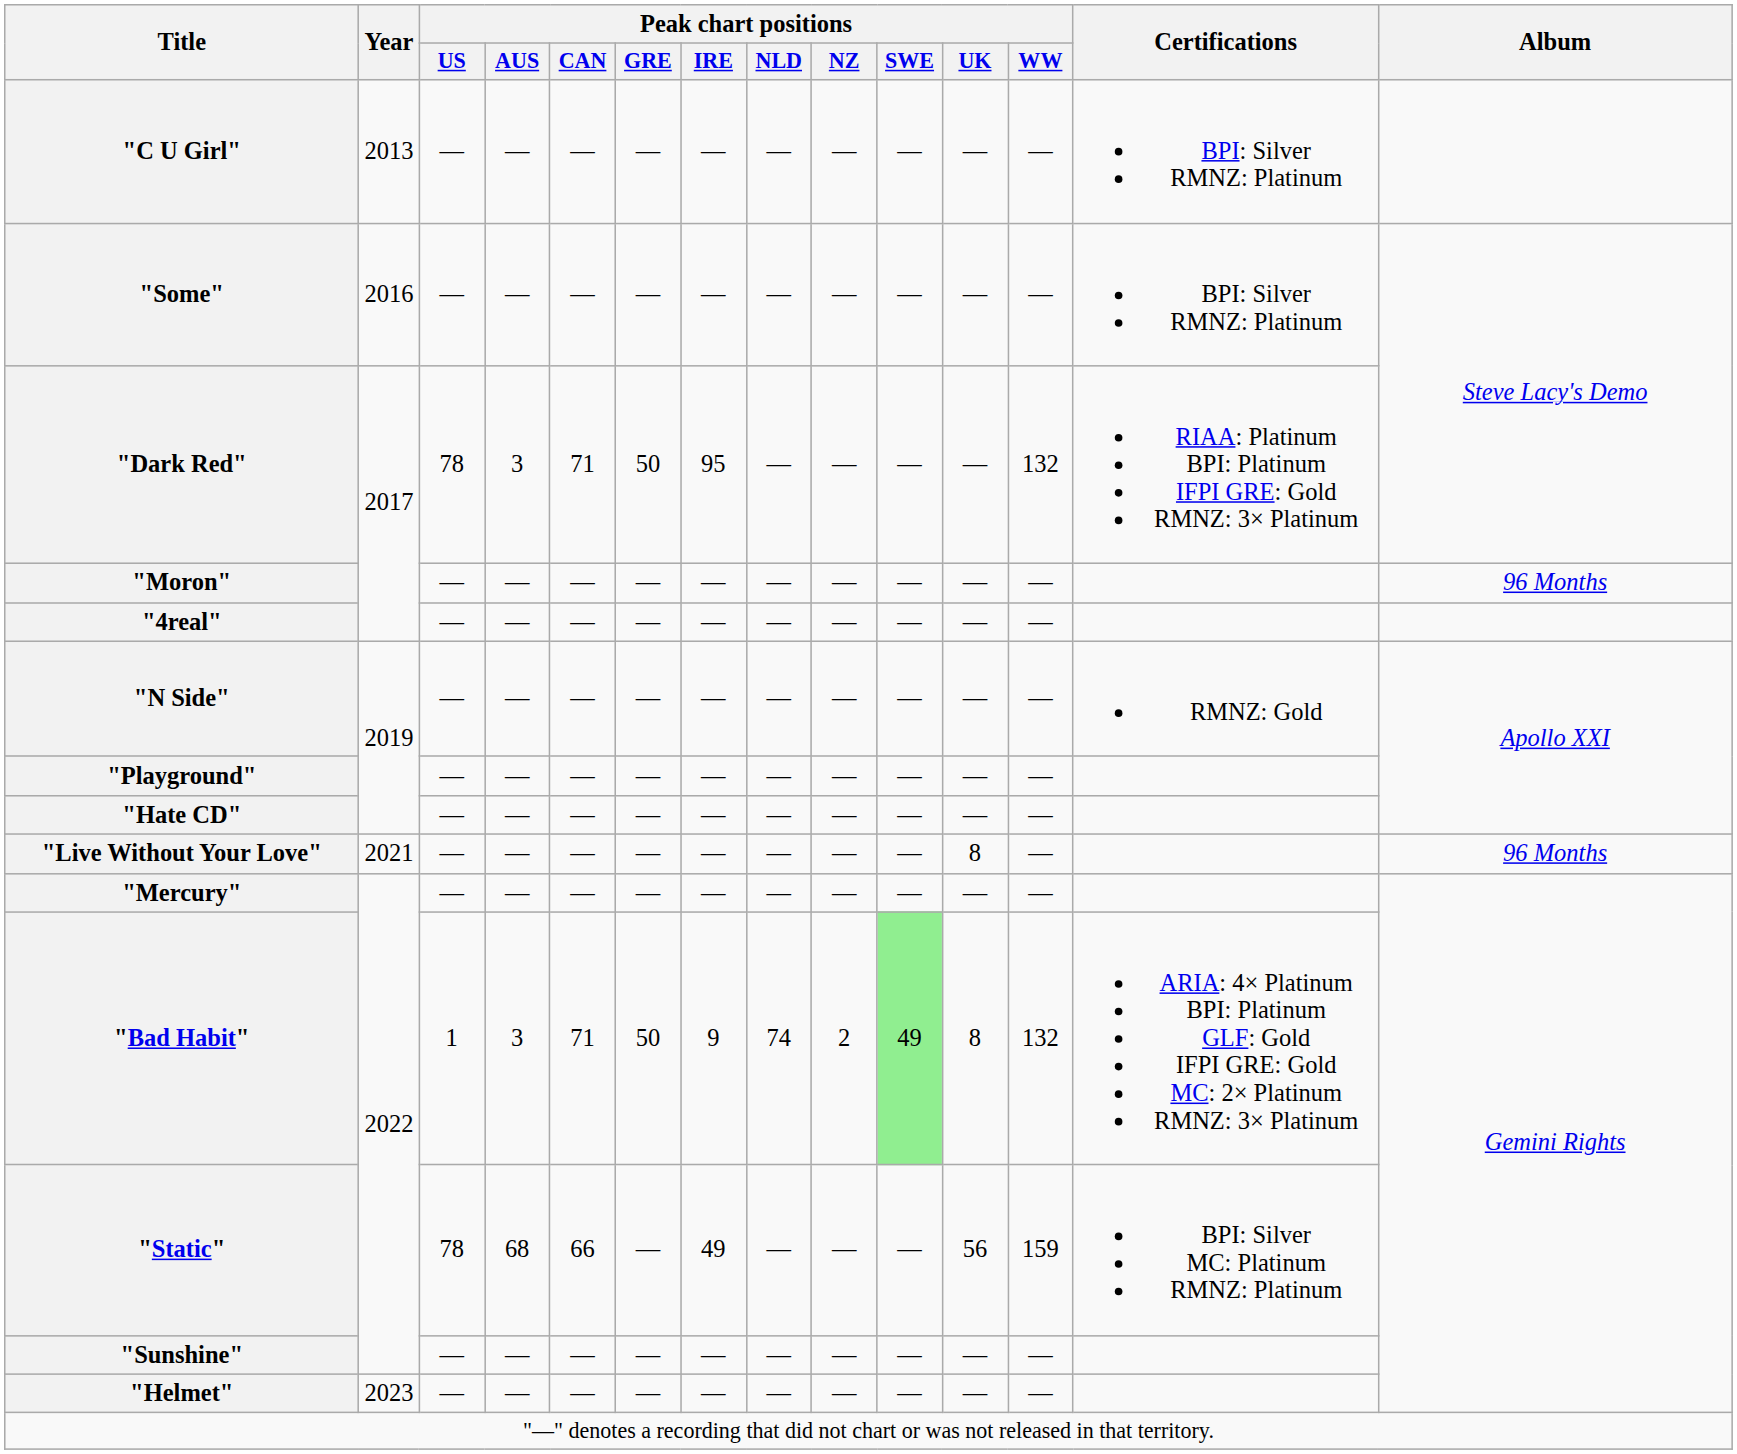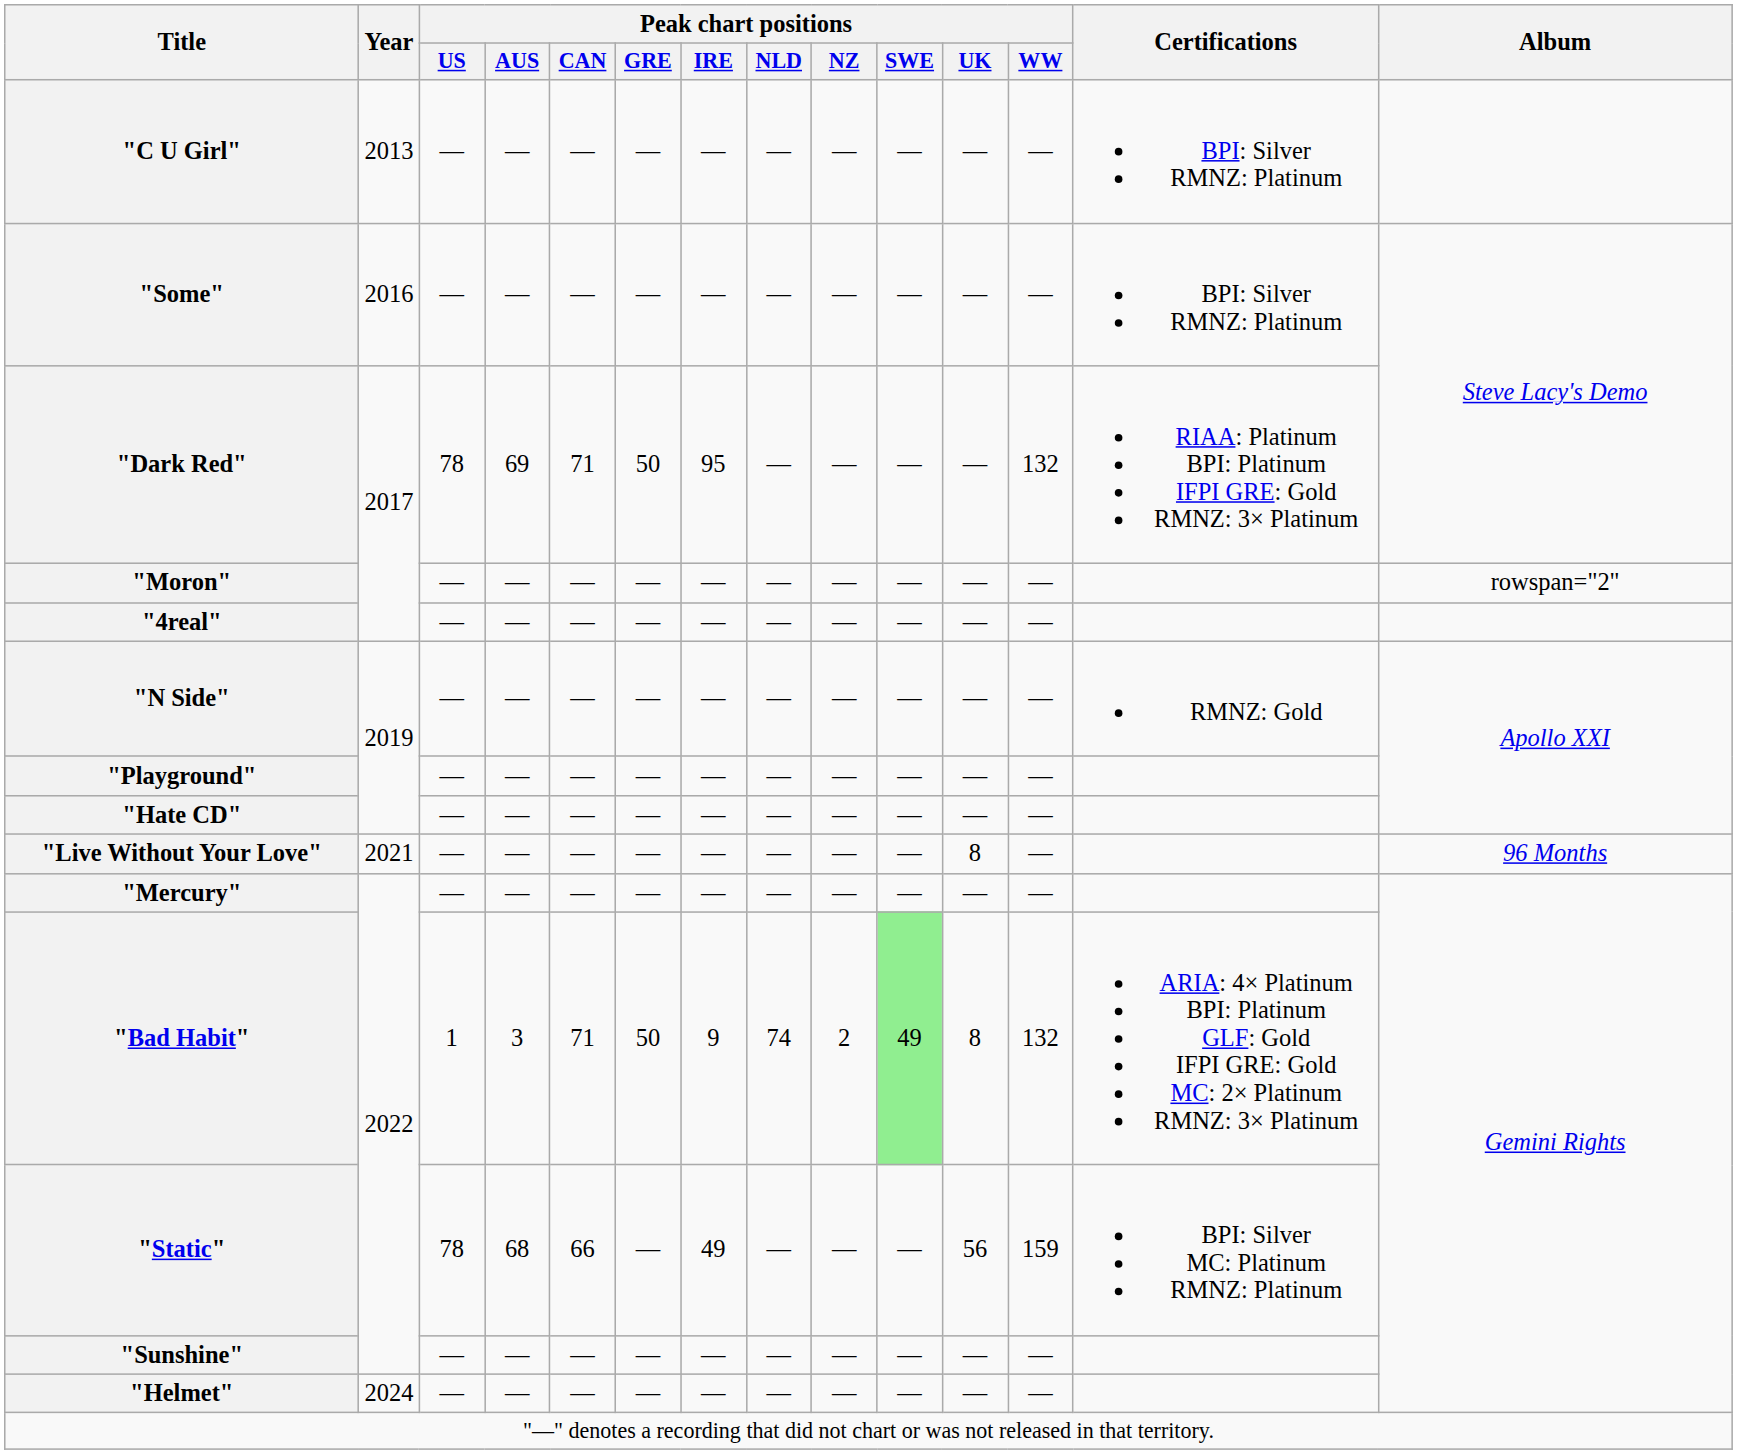 <table class="wikitable plainrowheaders" style="text-align:center;">
 <tr>
 <th scope="col" rowspan="2" style="width:14em;">Title</th>
 <th scope="col" rowspan="2" style="width:2em;">Year</th>
 <th scope="col" colspan="10">Peak chart positions</th>
 <th scope="col" rowspan="2" style="width:12em;">Certifications</th>
 <th scope="col" rowspan="2" style="width:14em;">Album</th>
 </tr>
 <tr>
 <th scope="col" style="width:2.5em;font-size:90%;"><a href='#'>US</a><br></th>
 <th scope="col" style="width:2.5em;font-size:90%;"><a href='#'>AUS</a><br></th>
 <th scope="col" style="width:2.5em;font-size:90%;"><a href='#'>CAN</a><br></th>
 <th scope="col" style="width:2.5em;font-size:90%;"><a href='#'>GRE</a><br></th>
 <th scope="col" style="width:2.5em;font-size:90%;"><a href='#'>IRE</a><br></th>
 <th scope="col" style="width:2.5em;font-size:90%;"><a href='#'>NLD</a><br></th>
 <th scope="col" style="width:2.5em;font-size:90%;"><a href='#'>NZ</a><br></th>
 <th scope="col" style="width:2.5em;font-size:90%;"><a href='#'>SWE</a><br></th>
 <th scope="col" style="width:2.5em;font-size:90%;"><a href='#'>UK</a><br></th>
 <th scope="col" style="width:2.5em;font-size:90%;"><a href='#'>WW</a><br></th>
 </tr>
 <tr>
 <th scope="row">"C U Girl"</th>
 <td>2013</td>
 <td>—</td>
 <td>—</td>
 <td>—</td>
 <td>—</td>
 <td>—</td>
 <td>—</td>
 <td>—</td>
 <td>—</td>
 <td>—</td>
 <td>—</td>
 <td><br><ul><li><a href='#'>BPI</a>: Silver</li><li>RMNZ: Platinum</li></ul></td>
 <td></td>
 </tr>
 <tr>
 <th scope="row">"Some"</th>
 <td>2016</td>
 <td>—</td>
 <td>—</td>
 <td>—</td>
 <td>—</td>
 <td>—</td>
 <td>—</td>
 <td>—</td>
 <td>—</td>
 <td>—</td>
 <td>—</td>
 <td><br><ul><li>BPI: Silver</li><li>RMNZ: Platinum</li></ul></td>
 <td rowspan="2"><em><a href='#'>Steve Lacy's Demo</a></em></td>
 </tr>
 <tr>
 <th scope="row">"Dark Red"</th>
 <td rowspan="3">2017</td>
 <td>78</td>
-<td>3</td>
+<td>69</td>
 <td>71</td>
 <td>50</td>
 <td>95</td>
 <td>—</td>
 <td>—</td>
 <td>—</td>
 <td>—</td>
 <td>132</td>
 <td><br><ul><li><a href='#'>RIAA</a>: Platinum</li><li>BPI: Platinum</li><li><a href='#'>IFPI GRE</a>: Gold</li><li>RMNZ: 3× Platinum</li></ul></td>
 </tr>
 <tr>
 <th scope="row">"Moron"</th>
 <td>—</td>
 <td>—</td>
 <td>—</td>
 <td>—</td>
 <td>—</td>
 <td>—</td>
 <td>—</td>
 <td>—</td>
 <td>—</td>
 <td>—</td>
 <td></td>
-<td><em><a href='#'>96 Months</a></em></td>
+<td>rowspan="2" </td>
 </tr>
 <tr>
 <th scope="row">"4real"</th>
 <td>—</td>
 <td>—</td>
 <td>—</td>
 <td>—</td>
 <td>—</td>
 <td>—</td>
 <td>—</td>
 <td>—</td>
 <td>—</td>
 <td>—</td>
 <td></td>
 </tr>
 <tr>
 <th scope="row">"N Side"</th>
 <td rowspan="3">2019</td>
 <td>—</td>
 <td>—</td>
 <td>—</td>
 <td>—</td>
 <td>—</td>
 <td>—</td>
 <td>—</td>
 <td>—</td>
 <td>—</td>
 <td>—</td>
 <td><br><ul><li>RMNZ: Gold</li></ul></td>
 <td rowspan="3"><em><a href='#'>Apollo XXI</a></em></td>
 </tr>
 <tr>
 <th scope="row">"Playground"</th>
 <td>—</td>
 <td>—</td>
 <td>—</td>
 <td>—</td>
 <td>—</td>
 <td>—</td>
 <td>—</td>
 <td>—</td>
 <td>—</td>
 <td>—</td>
 <td></td>
 </tr>
 <tr>
 <th scope="row">"Hate CD"</th>
 <td>—</td>
 <td>—</td>
 <td>—</td>
 <td>—</td>
 <td>—</td>
 <td>—</td>
 <td>—</td>
 <td>—</td>
 <td>—</td>
 <td>—</td>
 <td></td>
 </tr>
 <tr>
 <th scope="row">"Live Without Your Love"<br></th>
 <td>2021</td>
 <td>—</td>
 <td>—</td>
 <td>—</td>
 <td>—</td>
 <td>—</td>
 <td>—</td>
 <td>—</td>
 <td>—</td>
 <td>8</td>
 <td>—</td>
 <td></td>
 <td><em><a href='#'>96 Months</a></em></td>
 </tr>
 <tr>
 <th scope="row">"Mercury"</th>
 <td rowspan="4">2022</td>
 <td>—</td>
 <td>—</td>
 <td>—</td>
 <td>—</td>
 <td>—</td>
 <td>—</td>
 <td>—</td>
 <td>—</td>
 <td>—</td>
 <td>—</td>
 <td></td>
 <td rowspan="5"><em><a href='#'>Gemini Rights</a></em></td>
 </tr>
 <tr>
 <th scope="row">"<a href='#'>Bad Habit</a>"</th>
 <td>1</td>
 <td>3</td>
 <td>71</td>
 <td>50</td>
 <td>9</td>
 <td>74</td>
 <td>2</td>
 <td style="background: lightgreen;">49</td>
 <td>8</td>
 <td>132</td>
 <td><br><ul><li><a href='#'>ARIA</a>: 4× Platinum</li><li>BPI: Platinum</li><li><a href='#'>GLF</a>: Gold</li><li>IFPI GRE: Gold</li><li><a href='#'>MC</a>: 2× Platinum</li><li>RMNZ: 3× Platinum</li></ul></td>
 </tr>
 <tr>
 <th scope="row">"<a href='#'>Static</a>"</th>
 <td>78</td>
 <td>68</td>
 <td>66</td>
 <td>—</td>
 <td>49</td>
 <td>—</td>
 <td>—</td>
 <td>—</td>
 <td>56</td>
 <td>159</td>
 <td><br><ul><li>BPI: Silver</li><li>MC: Platinum</li><li>RMNZ: Platinum</li></ul></td>
 </tr>
 <tr>
 <th scope="row">"Sunshine"<br></th>
 <td>—</td>
 <td>—</td>
 <td>—</td>
 <td>—</td>
 <td>—</td>
 <td>—</td>
 <td>—</td>
 <td>—</td>
 <td>—</td>
 <td>—</td>
 </tr>
 <tr>
 <th scope="row">"Helmet"</th>
-<td>2023</td>
+<td>2024</td>
 <td>—</td>
 <td>—</td>
 <td>—</td>
 <td>—</td>
 <td>—</td>
 <td>—</td>
 <td>—</td>
 <td>—</td>
 <td>—</td>
 <td>—</td>
 <td></td>
 </tr>
 <tr>
 <td colspan="16" style="font-size:90%">"—" denotes a recording that did not chart or was not released in that territory.</td>
 </tr>
 </table>
